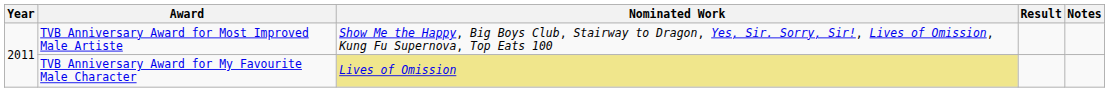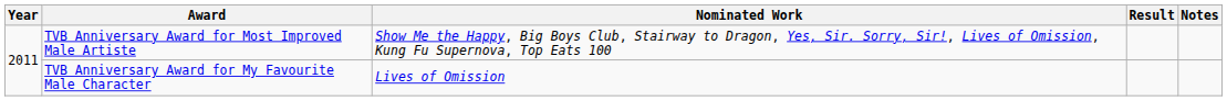 <table class="wikitable">
 <tr>
 <th>Year</th>
 <th>Award</th>
 <th>Nominated Work</th>
 <th>Result</th>
 <th>Notes</th>
 </tr>
 <tr>
 <td rowspan=2>2011</td>
 <td><a href='#'>TVB Anniversary Award for Most Improved Male Artiste</a></td>
 <td><em><a href='#'>Show Me the Happy</a></em>, <em>Big Boys Club</em>, <em>Stairway to Dragon</em>, <em><a href='#'>Yes, Sir. Sorry, Sir!</a></em>, <em><a href='#'>Lives of Omission</a></em>, <em>Kung Fu Supernova</em>, <em>Top Eats 100</em></td>
 <td></td>
 <td></td>
 </tr>
 <tr>
 <td><a href='#'>TVB Anniversary Award for My Favourite Male Character</a></td>
-<td style="background: khaki;"><em><a href='#'>Lives of Omission</a></em></td>
+<td><em><a href='#'>Lives of Omission</a></em></td>
 <td></td>
 <td></td>
 </tr>
 </table>
